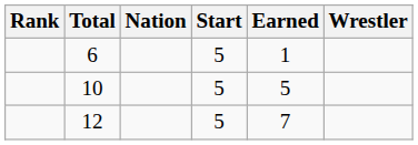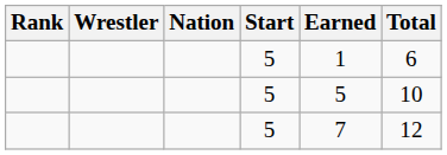 <table class="wikitable sortable" style="text-align:center;">
 <tr>
 <th>Rank</th>
-<th>Total</th>
+<th>Wrestler</th>
 <th>Nation</th>
 <th>Start</th>
 <th>Earned</th>
-<th>Wrestler</th>
+<th>Total</th>
 </tr>
 <tr>
 <td></td>
-<td>6</td>
+<td align=left></td>
 <td align=left></td>
 <td>5</td>
 <td>1</td>
-<td align=left></td>
+<td>6</td>
 </tr>
 <tr>
 <td></td>
-<td>10</td>
+<td align=left></td>
 <td align=left></td>
 <td>5</td>
 <td>5</td>
-<td align=left></td>
+<td>10</td>
 </tr>
 <tr>
 <td></td>
-<td>12</td>
+<td align=left></td>
 <td align=left></td>
 <td>5</td>
 <td>7</td>
-<td align=left></td>
+<td>12</td>
 </tr>
 </table>
